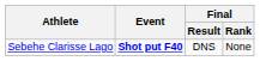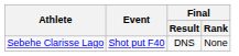 <table class="wikitable" style="font-size:90%; text-align:center">
 <tr>
 <th rowspan="2">Athlete</th>
 <th rowspan="2">Event</th>
 <th colspan="2">Final</th>
 </tr>
 <tr>
 <th>Result</th>
 <th>Rank</th>
 </tr>
 <tr>
 <td align="left"><a href='#'>Sebehe Clarisse Lago</a></td>
-<td align="left"><strong><a href='#'>Shot put F40</a></strong></td>
+<td align="left"><a href='#'>Shot put F40</a></td>
 <td>DNS</td>
 <td>None</td>
 </tr>
 </table>
